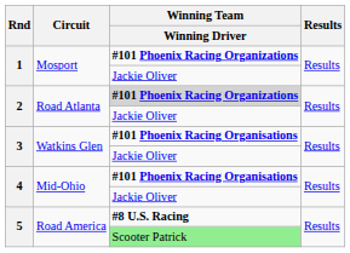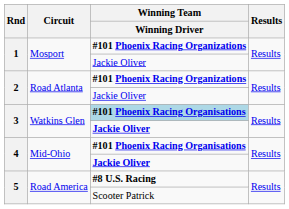 <table class="wikitable" style="font-size: 90%;">
 <tr>
 <th rowspan=2>Rnd</th>
 <th rowspan=2>Circuit</th>
 <th>Winning Team</th>
 <th rowspan=2>Results</th>
 </tr>
 <tr>
 <th>Winning Driver</th>
 </tr>
 <tr>
 <th rowspan=2>1</th>
 <td rowspan=2><a href='#'>Mosport</a></td>
 <td><strong> #101 <a href='#'>Phoenix Racing Organizations</a></strong></td>
 <td rowspan=2><a href='#'>Results</a></td>
 </tr>
 <tr>
 <td> <a href='#'>Jackie Oliver</a></td>
 </tr>
 <tr>
 <th rowspan=2>2</th>
 <td rowspan=2><a href='#'>Road Atlanta</a></td>
-<td style="background: lightgrey;"><strong> #101 <a href='#'>Phoenix Racing Organizations</a></strong></td>
+<td><strong> #101 <a href='#'>Phoenix Racing Organizations</a></strong></td>
 <td rowspan=2><a href='#'>Results</a></td>
 </tr>
 <tr>
 <td> <a href='#'>Jackie Oliver</a></td>
 </tr>
 <tr>
 <th rowspan=2>3</th>
 <td rowspan=2><a href='#'>Watkins Glen</a></td>
-<td><strong> #101 <a href='#'>Phoenix Racing Organisations</a></strong></td>
+<td style="background: lightblue;"><strong> #101 <a href='#'>Phoenix Racing Organisations</a></strong></td>
 <td rowspan=2><a href='#'>Results</a></td>
 </tr>
 <tr>
-<td> <a href='#'>Jackie Oliver</a></td>
+<td><strong> <a href='#'>Jackie Oliver</a></strong></td>
 </tr>
 <tr>
 <th rowspan=2>4</th>
 <td rowspan=2><a href='#'>Mid-Ohio</a></td>
 <td><strong> #101 <a href='#'>Phoenix Racing Organisations</a></strong></td>
 <td rowspan=2><a href='#'>Results</a></td>
 </tr>
 <tr>
-<td> <a href='#'>Jackie Oliver</a></td>
+<td><strong> <a href='#'>Jackie Oliver</a></strong></td>
 </tr>
 <tr>
 <th rowspan=2>5</th>
 <td rowspan=2><a href='#'>Road America</a></td>
 <td><strong> #8 U.S. Racing</strong></td>
 <td rowspan=2><a href='#'>Results</a></td>
 </tr>
 <tr>
-<td style="background: lightgreen;"> Scooter Patrick</td>
+<td> Scooter Patrick</td>
 </tr>
 </table>
